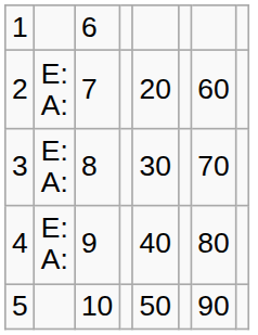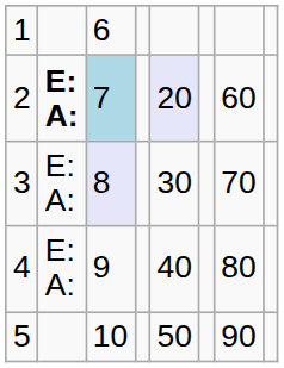 <table class="wikitable">
 <tr>
 <td>1</td>
 <td></td>
 <td>6</td>
 <td></td>
 <td></td>
 <td></td>
 <td></td>
 <td></td>
 </tr>
 <tr>
 <td>2</td>
-<td>E: <br>A: </td>
-<td>7</td>
+<td><strong>E: <br>A: </strong></td>
+<td style="background: lightblue;">7</td>
 <td></td>
-<td>20</td>
+<td style="background: lavender;">20</td>
 <td></td>
 <td>60</td>
 <td></td>
 </tr>
 <tr>
 <td>3</td>
 <td>E: <br>A: </td>
-<td>8</td>
+<td style="background: lavender;">8</td>
 <td></td>
 <td>30</td>
 <td></td>
 <td>70</td>
 <td></td>
 </tr>
 <tr>
 <td>4</td>
 <td>E: <br>A: </td>
 <td>9</td>
 <td></td>
 <td>40</td>
 <td></td>
 <td>80</td>
 <td></td>
 </tr>
 <tr>
 <td>5</td>
 <td></td>
 <td>10</td>
 <td></td>
 <td>50</td>
 <td></td>
 <td>90</td>
 <td></td>
 </tr>
 </table>
